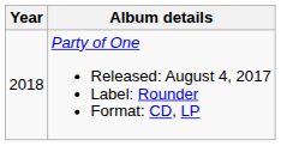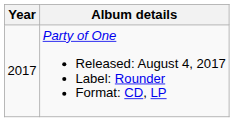 <table class="wikitable">
 <tr>
 <th scope="col">Year</th>
 <th scope="col">Album details</th>
 </tr>
 <tr>
-<td>2018</td>
+<td>2017</td>
 <td><em><a href='#'>Party of One</a></em><br><ul><li>Released: August 4, 2017</li><li>Label: <a href='#'>Rounder</a></li><li>Format: <a href='#'>CD</a>, <a href='#'>LP</a></li></ul></td>
 </tr>
 </table>
